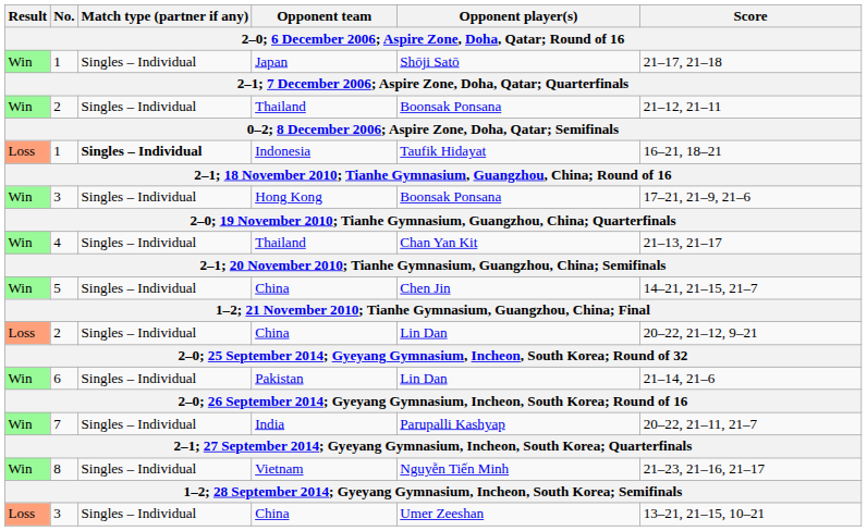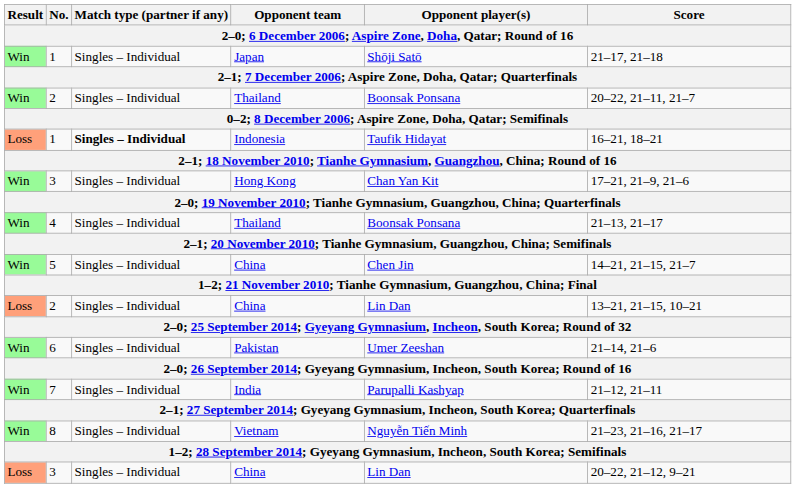 <table class=wikitable>
 <tr>
 <th scope="col">Result</th>
 <th scope="col">No.</th>
 <th scope="col">Match type (partner if any)</th>
 <th scope="col" style="width:155px;">Opponent team</th>
 <th scope="col" style="width:265px;">Opponent player(s)</th>
 <th scope="col" style="width:240px;">Score</th>
 </tr>
 <tr>
 <th colspan=7>2–0; <a href='#'>6 December 2006</a>; <a href='#'>Aspire Zone</a>, <a href='#'>Doha</a>, Qatar; Round of 16</th>
 </tr>
 <tr>
 <td bgcolor=98FB98>Win</td>
 <td>1</td>
 <td>Singles – Individual</td>
 <td> <a href='#'>Japan</a></td>
 <td><a href='#'>Shōji Satō</a></td>
 <td>21–17, 21–18</td>
 </tr>
 <tr>
 <th colspan=7>2–1; <a href='#'>7 December 2006</a>; Aspire Zone, Doha, Qatar; Quarterfinals</th>
 </tr>
 <tr>
 <td bgcolor=98FB98>Win</td>
 <td>2</td>
 <td>Singles – Individual</td>
 <td> <a href='#'>Thailand</a></td>
 <td><a href='#'>Boonsak Ponsana</a></td>
-<td>21–12, 21–11</td>
+<td>20–22, 21–11, 21–7</td>
 </tr>
 <tr>
 <th colspan=7>0–2; <a href='#'>8 December 2006</a>; Aspire Zone, Doha, Qatar; Semifinals</th>
 </tr>
 <tr>
 <td bgcolor=FFA07A>Loss</td>
 <td>1</td>
 <td><strong>Singles – Individual</strong></td>
 <td> <a href='#'>Indonesia</a></td>
 <td><a href='#'>Taufik Hidayat</a></td>
 <td>16–21, 18–21</td>
 </tr>
 <tr>
 <th colspan=7>2–1; <a href='#'>18 November 2010</a>; <a href='#'>Tianhe Gymnasium</a>, <a href='#'>Guangzhou</a>, China; Round of 16</th>
 </tr>
 <tr>
 <td bgcolor=98FB98>Win</td>
 <td>3</td>
 <td>Singles – Individual</td>
 <td> <a href='#'>Hong Kong</a></td>
-<td><a href='#'>Boonsak Ponsana</a></td>
+<td><a href='#'>Chan Yan Kit</a></td>
 <td>17–21, 21–9, 21–6</td>
 </tr>
 <tr>
 <th colspan=7>2–0; <a href='#'>19 November 2010</a>; Tianhe Gymnasium, Guangzhou, China; Quarterfinals</th>
 </tr>
 <tr>
 <td bgcolor=98FB98>Win</td>
 <td>4</td>
 <td>Singles – Individual</td>
 <td> <a href='#'>Thailand</a></td>
-<td><a href='#'>Chan Yan Kit</a></td>
+<td><a href='#'>Boonsak Ponsana</a></td>
 <td>21–13, 21–17</td>
 </tr>
 <tr>
 <th colspan=7>2–1; <a href='#'>20 November 2010</a>; Tianhe Gymnasium, Guangzhou, China; Semifinals</th>
 </tr>
 <tr>
 <td bgcolor=98FB98>Win</td>
 <td>5</td>
 <td>Singles – Individual</td>
 <td> <a href='#'>China</a></td>
 <td><a href='#'>Chen Jin</a></td>
 <td>14–21, 21–15, 21–7</td>
 </tr>
 <tr>
 <th colspan=7>1–2; <a href='#'>21 November 2010</a>; Tianhe Gymnasium, Guangzhou, China; Final</th>
 </tr>
 <tr>
 <td bgcolor=FFA07A>Loss</td>
 <td>2</td>
 <td>Singles – Individual</td>
 <td> <a href='#'>China</a></td>
 <td><a href='#'>Lin Dan</a></td>
-<td>20–22, 21–12, 9–21</td>
+<td>13–21, 21–15, 10–21</td>
 </tr>
 <tr>
 <th colspan=7>2–0; <a href='#'>25 September 2014</a>; <a href='#'>Gyeyang Gymnasium</a>, <a href='#'>Incheon</a>, South Korea; Round of 32</th>
 </tr>
 <tr>
 <td bgcolor=98FB98>Win</td>
 <td>6</td>
 <td>Singles – Individual</td>
 <td> <a href='#'>Pakistan</a></td>
-<td><a href='#'>Lin Dan</a></td>
+<td><a href='#'>Umer Zeeshan</a></td>
 <td>21–14, 21–6</td>
 </tr>
 <tr>
 <th colspan=7>2–0; <a href='#'>26 September 2014</a>; Gyeyang Gymnasium, Incheon, South Korea; Round of 16</th>
 </tr>
 <tr>
 <td bgcolor=98FB98>Win</td>
 <td>7</td>
 <td>Singles – Individual</td>
 <td> <a href='#'>India</a></td>
 <td><a href='#'>Parupalli Kashyap</a></td>
-<td>20–22, 21–11, 21–7</td>
+<td>21–12, 21–11</td>
 </tr>
 <tr>
 <th colspan=7>2–1; <a href='#'>27 September 2014</a>; Gyeyang Gymnasium, Incheon, South Korea; Quarterfinals</th>
 </tr>
 <tr>
 <td bgcolor=98FB98>Win</td>
 <td>8</td>
 <td>Singles – Individual</td>
 <td> <a href='#'>Vietnam</a></td>
 <td><a href='#'>Nguyễn Tiến Minh</a></td>
 <td>21–23, 21–16, 21–17</td>
 </tr>
 <tr>
 <th colspan=7>1–2; <a href='#'>28 September 2014</a>; Gyeyang Gymnasium, Incheon, South Korea; Semifinals</th>
 </tr>
 <tr>
 <td bgcolor=FFA07A>Loss</td>
 <td>3</td>
 <td>Singles – Individual</td>
 <td> <a href='#'>China</a></td>
-<td><a href='#'>Umer Zeeshan</a></td>
-<td>13–21, 21–15, 10–21</td>
+<td><a href='#'>Lin Dan</a></td>
+<td>20–22, 21–12, 9–21</td>
 </tr>
 </table>
